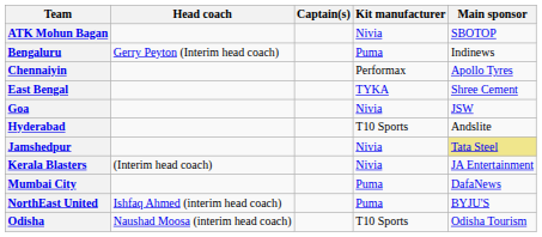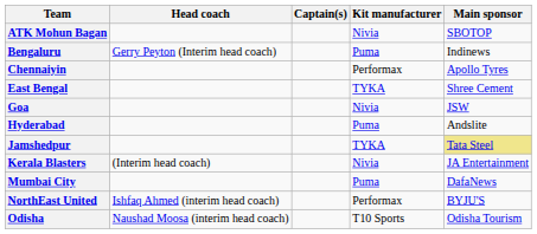 <table class="wikitable sortable" style="text-align: left; font-size:100%">
 <tr>
 <th scope=col>Team</th>
 <th scope=col>Head coach</th>
 <th scope=col>Captain(s)</th>
 <th scope=col class=unsortable>Kit manufacturer</th>
 <th scope=col class=unsortable>Main sponsor</th>
 </tr>
 <tr>
 <th scope=row style="text-align: left;"><a href='#'>ATK Mohun Bagan</a></th>
 <td> </td>
 <td></td>
 <td><a href='#'>Nivia</a></td>
 <td><a href='#'>SBOTOP</a></td>
 </tr>
 <tr>
 <th scope=row style="text-align: left;"><a href='#'>Bengaluru</a></th>
 <td> <a href='#'>Gerry Peyton</a> (Interim head coach)</td>
 <td> </td>
 <td><a href='#'>Puma</a></td>
 <td>Indinews</td>
 </tr>
 <tr>
 <th scope=row style="text-align: left;"><a href='#'>Chennaiyin</a></th>
 <td> </td>
 <td> </td>
 <td>Performax</td>
 <td><a href='#'>Apollo Tyres</a></td>
 </tr>
 <tr>
 <th scope=row style="text-align: left;"><a href='#'>East Bengal</a></th>
 <td> </td>
 <td> </td>
 <td><a href='#'>TYKA</a></td>
 <td><a href='#'>Shree Cement</a></td>
 </tr>
 <tr>
 <th scope=row style="text-align: left;"><a href='#'>Goa</a></th>
 <td> </td>
 <td> </td>
 <td><a href='#'>Nivia</a></td>
 <td><a href='#'>JSW</a></td>
 </tr>
 <tr>
 <th scope=row style="text-align: left;"><a href='#'>Hyderabad</a></th>
 <td> </td>
 <td> </td>
-<td>T10 Sports</td>
+<td><a href='#'>Puma</a></td>
 <td>Andslite</td>
 </tr>
 <tr>
 <th scope=row style="text-align: left;"><a href='#'>Jamshedpur</a></th>
 <td> </td>
 <td> </td>
-<td><a href='#'>Nivia</a></td>
+<td><a href='#'>TYKA</a></td>
 <td style="background: khaki;"><a href='#'>Tata Steel</a></td>
 </tr>
 <tr>
 <th scope=row style="text-align: left;"><a href='#'>Kerala Blasters</a></th>
 <td>  (Interim head coach)</td>
 <td></td>
 <td><a href='#'>Nivia</a></td>
 <td><a href='#'>JA Entertainment</a></td>
 </tr>
 <tr>
 <th scope=row style="text-align: left;"><a href='#'>Mumbai City</a></th>
 <td> </td>
 <td> </td>
 <td><a href='#'>Puma</a></td>
 <td><a href='#'>DafaNews</a></td>
 </tr>
 <tr>
 <th scope=row style="text-align: left;"><a href='#'>NorthEast United</a></th>
 <td> <a href='#'>Ishfaq Ahmed</a> (interim head coach)</td>
 <td></td>
-<td><a href='#'>Puma</a></td>
+<td>Performax</td>
 <td><a href='#'>BYJU'S</a></td>
 </tr>
 <tr>
 <th scope=row style="text-align: left;"><a href='#'>Odisha</a></th>
 <td> <a href='#'>Naushad Moosa</a> (interim head coach)</td>
 <td> </td>
 <td>T10 Sports</td>
 <td><a href='#'>Odisha Tourism</a></td>
 </tr>
 </table>
